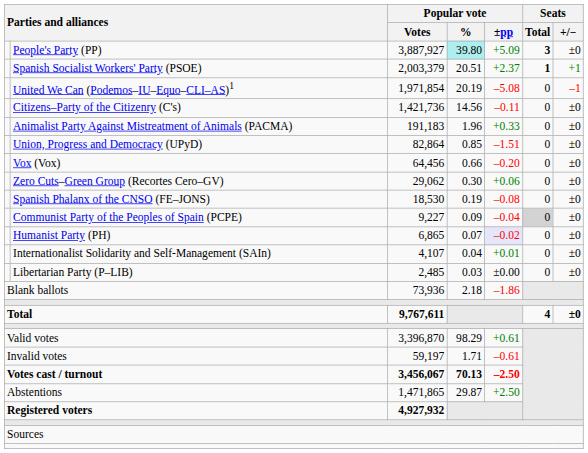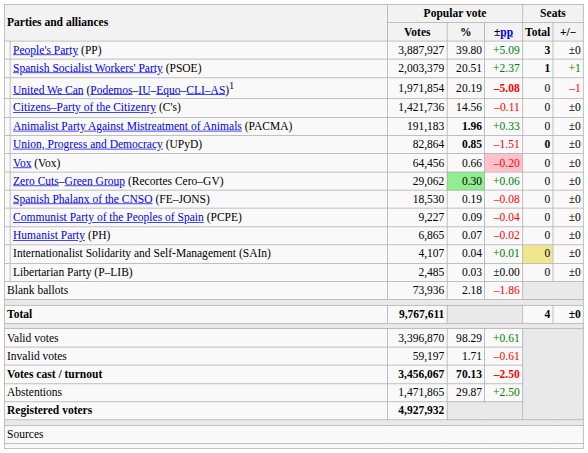 <table class="wikitable" style="text-align:right;">
 <tr>
 <th style="text-align:left;" rowspan="2" colspan="2" width="525">Parties and alliances</th>
 <th colspan="3">Popular vote</th>
 <th colspan="2">Seats</th>
 </tr>
 <tr>
 <th width="75">Votes</th>
 <th width="45">%</th>
 <th width="45">±<a href='#'>pp</a></th>
 <th width="35">Total</th>
 <th width="35">+/−</th>
 </tr>
 <tr>
 <td width="1" style="color:inherit;background:"></td>
 <td align="left"><a href='#'>People's Party</a> (PP)</td>
 <td>3,887,927</td>
-<td style="background: paleturquoise;">39.80</td>
+<td>39.80</td>
 <td style="color:green;">+5.09</td>
 <td><strong>3</strong></td>
 <td>±0</td>
 </tr>
 <tr>
 <td style="color:inherit;background:"></td>
 <td align="left"><a href='#'>Spanish Socialist Workers' Party</a> (PSOE)</td>
 <td>2,003,379</td>
 <td>20.51</td>
 <td style="color:green;">+2.37</td>
 <td><strong>1</strong></td>
 <td style="color:green;">+1</td>
 </tr>
 <tr>
 <td style="color:inherit;background:"></td>
 <td align="left"><a href='#'>United We Can</a> (<a href='#'>Podemos</a>–<a href='#'>IU</a>–<a href='#'>Equo</a>–<a href='#'>CLI–AS</a>)<sup>1</sup></td>
 <td>1,971,854</td>
 <td>20.19</td>
-<td style="color:red;">–5.08</td>
+<td style="color:red;"><strong>–5.08</strong></td>
 <td>0</td>
 <td style="color:red;">–1</td>
 </tr>
 <tr>
 <td style="color:inherit;background:"></td>
 <td align="left"><a href='#'>Citizens–Party of the Citizenry</a> (C's)</td>
 <td>1,421,736</td>
 <td>14.56</td>
 <td style="color:red;">–0.11</td>
 <td>0</td>
 <td>±0</td>
 </tr>
 <tr>
 <td style="color:inherit;background:"></td>
 <td align="left"><a href='#'>Animalist Party Against Mistreatment of Animals</a> (PACMA)</td>
 <td>191,183</td>
-<td>1.96</td>
+<td><strong>1.96</strong></td>
 <td style="color:green;">+0.33</td>
 <td>0</td>
 <td>±0</td>
 </tr>
 <tr>
 <td style="color:inherit;background:"></td>
 <td align="left"><a href='#'>Union, Progress and Democracy</a> (UPyD)</td>
 <td>82,864</td>
-<td>0.85</td>
+<td><strong>0.85</strong></td>
 <td style="color:red;">–1.51</td>
-<td>0</td>
+<td><strong>0</strong></td>
 <td>±0</td>
 </tr>
 <tr>
 <td style="color:inherit;background:"></td>
 <td align="left"><a href='#'>Vox</a> (Vox)</td>
 <td>64,456</td>
 <td>0.66</td>
-<td style="color:red;">–0.20</td>
+<td style="background: pink; color:red;">–0.20</td>
 <td>0</td>
 <td>±0</td>
 </tr>
 <tr>
 <td style="color:inherit;background:"></td>
 <td align="left"><a href='#'>Zero Cuts</a>–<a href='#'>Green Group</a> (Recortes Cero–GV)</td>
 <td>29,062</td>
-<td>0.30</td>
+<td style="background: lightgreen;">0.30</td>
 <td style="color:green;">+0.06</td>
 <td>0</td>
 <td>±0</td>
 </tr>
 <tr>
 <td style="color:inherit;background:"></td>
 <td align="left"><a href='#'>Spanish Phalanx of the CNSO</a> (FE–JONS)</td>
 <td>18,530</td>
 <td>0.19</td>
 <td style="color:red;">–0.08</td>
 <td>0</td>
 <td>±0</td>
 </tr>
 <tr>
 <td style="color:inherit;background:"></td>
 <td align="left"><a href='#'>Communist Party of the Peoples of Spain</a> (PCPE)</td>
 <td>9,227</td>
 <td>0.09</td>
 <td style="color:red;">–0.04</td>
-<td style="background: lightgrey;">0</td>
+<td>0</td>
 <td>±0</td>
 </tr>
 <tr>
 <td style="color:inherit;background:"></td>
 <td align="left"><a href='#'>Humanist Party</a> (PH)</td>
 <td>6,865</td>
 <td>0.07</td>
-<td style="background: lavender; color:red;">–0.02</td>
+<td style="color:red;">–0.02</td>
 <td>0</td>
 <td>±0</td>
 </tr>
 <tr>
 <td style="color:inherit;background:"></td>
 <td align="left">Internationalist Solidarity and Self-Management (SAIn)</td>
 <td>4,107</td>
 <td>0.04</td>
 <td style="color:green;">+0.01</td>
-<td>0</td>
+<td style="background: khaki;">0</td>
 <td>±0</td>
 </tr>
 <tr>
 <td style="color:inherit;background:"></td>
 <td align="left">Libertarian Party (P–LIB)</td>
 <td>2,485</td>
 <td>0.03</td>
 <td>±0.00</td>
 <td>0</td>
 <td>±0</td>
 </tr>
 <tr>
 <td align="left" colspan="2">Blank ballots</td>
 <td>73,936</td>
 <td>2.18</td>
 <td style="color:red;">–1.86</td>
 <td bgcolor="#E9E9E9" colspan="2"></td>
 </tr>
 <tr>
 <td colspan="7" bgcolor="#E9E9E9"></td>
 </tr>
 <tr style="font-weight:bold;">
 <td align="left" colspan="2">Total</td>
 <td>9,767,611</td>
 <td bgcolor="#E9E9E9" colspan="2"></td>
 <td>4</td>
 <td>±0</td>
 </tr>
 <tr>
 <td colspan="7" bgcolor="#E9E9E9"></td>
 </tr>
 <tr>
 <td align="left" colspan="2">Valid votes</td>
 <td>3,396,870</td>
 <td>98.29</td>
 <td style="color:green;">+0.61</td>
 <td bgcolor="#E9E9E9" colspan="2" rowspan="5"></td>
 </tr>
 <tr>
 <td align="left" colspan="2">Invalid votes</td>
 <td>59,197</td>
 <td>1.71</td>
 <td style="color:red;">–0.61</td>
 </tr>
 <tr style="font-weight:bold;">
 <td align="left" colspan="2">Votes cast / turnout</td>
 <td>3,456,067</td>
 <td>70.13</td>
 <td style="color:red;">–2.50</td>
 </tr>
 <tr>
 <td align="left" colspan="2">Abstentions</td>
 <td>1,471,865</td>
 <td>29.87</td>
 <td style="color:green;">+2.50</td>
 </tr>
 <tr style="font-weight:bold;">
 <td align="left" colspan="2">Registered voters</td>
 <td>4,927,932</td>
 <td bgcolor="#E9E9E9" colspan="2"></td>
 </tr>
 <tr>
 <td colspan="7" bgcolor="#E9E9E9"></td>
 </tr>
 <tr>
 <td align="left" colspan="7">Sources</td>
 </tr>
 <tr>
 <td colspan="7" style="text-align:left; max-width:790px;"></td>
 </tr>
 </table>
